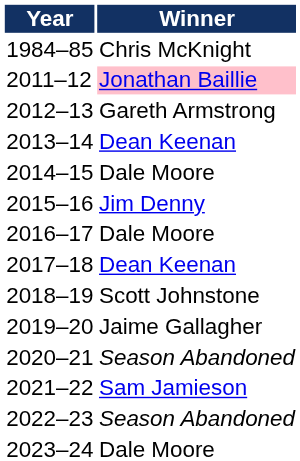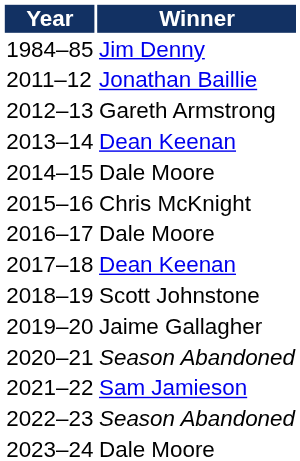 <table class="toccolours">
 <tr>
 <th style="background:#123163; color:white;">Year</th>
 <th style="background:#123163; color:white;">Winner</th>
 </tr>
 <tr>
 <td>1984–85</td>
-<td> Chris McKnight</td>
+<td> <a href='#'>Jim Denny</a></td>
 </tr>
 <tr>
 <td>2011–12</td>
-<td style="background: pink;"> <a href='#'>Jonathan Baillie</a></td>
+<td> <a href='#'>Jonathan Baillie</a></td>
 </tr>
 <tr>
 <td>2012–13</td>
 <td> Gareth Armstrong</td>
 </tr>
 <tr>
 <td>2013–14</td>
 <td> <a href='#'>Dean Keenan</a></td>
 </tr>
 <tr>
 <td>2014–15</td>
 <td> Dale Moore</td>
 </tr>
 <tr>
 <td>2015–16</td>
-<td> <a href='#'>Jim Denny</a></td>
+<td> Chris McKnight</td>
 </tr>
 <tr>
 <td>2016–17</td>
 <td> Dale Moore</td>
 </tr>
 <tr>
 <td>2017–18</td>
 <td> <a href='#'>Dean Keenan</a></td>
 </tr>
 <tr>
 <td>2018–19</td>
 <td> Scott Johnstone</td>
 </tr>
 <tr>
 <td>2019–20</td>
 <td> Jaime Gallagher</td>
 </tr>
 <tr>
 <td>2020–21</td>
 <td> <em>Season Abandoned</em></td>
 </tr>
 <tr>
 <td>2021–22</td>
 <td> <a href='#'>Sam Jamieson</a></td>
 </tr>
 <tr>
 <td>2022–23</td>
 <td> <em>Season Abandoned</em></td>
 </tr>
 <tr>
 <td>2023–24</td>
 <td> Dale Moore</td>
 </tr>
 <tr>
 </tr>
 </table>
